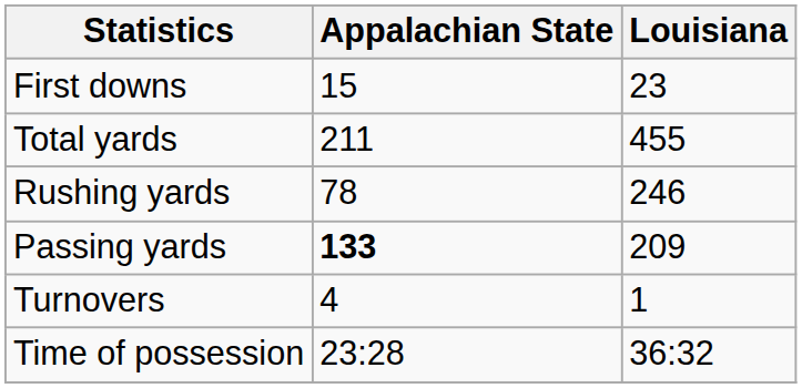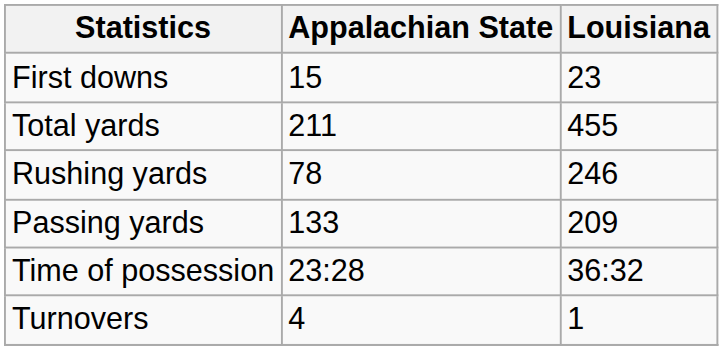 <table class="wikitable">
 <tr>
 <th>Statistics</th>
 <th>Appalachian State</th>
 <th>Louisiana</th>
 </tr>
 <tr>
 <td>First downs</td>
 <td>15</td>
 <td>23</td>
 </tr>
 <tr>
 <td>Total yards</td>
 <td>211</td>
 <td>455</td>
 </tr>
 <tr>
 <td>Rushing yards</td>
 <td>78</td>
 <td>246</td>
 </tr>
 <tr>
 <td>Passing yards</td>
-<td><strong>133</strong></td>
+<td>133</td>
 <td>209</td>
+</tr>
+<tr>
+<td>Time of possession</td>
+<td>23:28</td>
+<td>36:32</td>
 </tr>
 <tr>
 <td>Turnovers</td>
 <td>4</td>
 <td>1</td>
 </tr>
 <tr>
-<td>Time of possession</td>
-<td>23:28</td>
-<td>36:32</td>
-</tr>
-<tr>
 </tr>
 </table>
